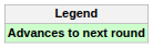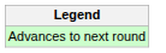 <table class="wikitable">
 <tr>
 <th>Legend</th>
 </tr>
 <tr>
-<td bgcolor="#ccffcc"><strong>Advances to next round</strong></td>
+<td bgcolor="#ccffcc">Advances to next round</td>
 </tr>
 </table>
